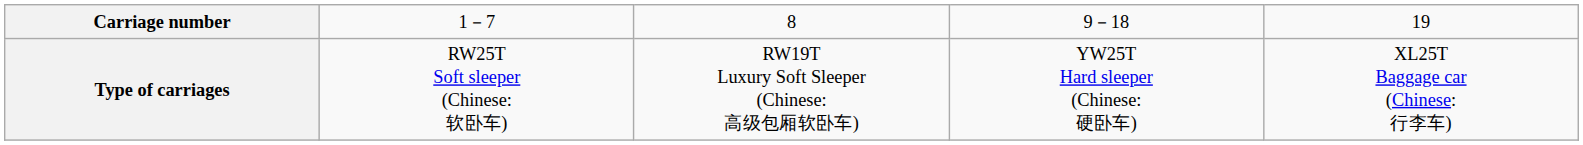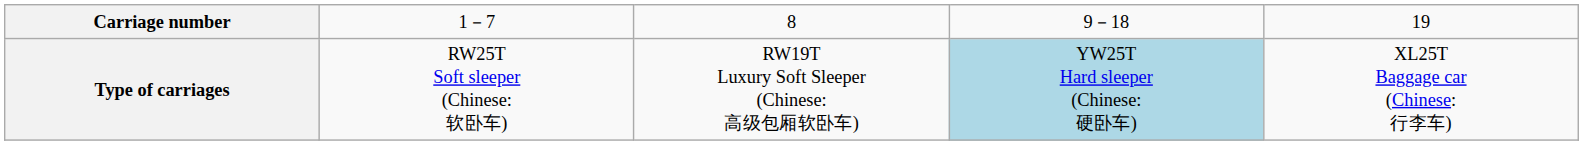 <table class="wikitable" style="text-align: center; font-size: small;">
 <tr>
 <th>Carriage number</th>
 <td>1－7</td>
 <td>8</td>
 <td>9－18</td>
 <td>19</td>
 </tr>
 <tr>
 <th style="width: 10%;">Type of carriages</th>
 <td style="width: 10%;">RW25T<br><a href='#'>Soft sleeper</a><br>(Chinese:<br>软卧车)</td>
 <td style="width: 10%;">RW19T<br>Luxury Soft Sleeper<br>(Chinese:<br>高级包厢软卧车)</td>
-<td style="width: 10%;">YW25T<br><a href='#'>Hard sleeper</a><br>(Chinese:<br>硬卧车)</td>
+<td style="background: lightblue; width: 10%;">YW25T<br><a href='#'>Hard sleeper</a><br>(Chinese:<br>硬卧车)</td>
 <td style="width: 10%;">XL25T<br><a href='#'>Baggage car</a><br>(<a href='#'>Chinese</a>:<br>行李车)</td>
 </tr>
 </table>
